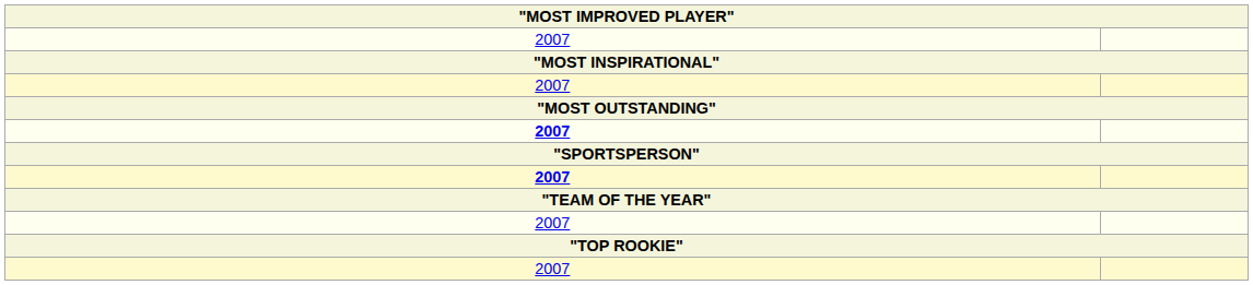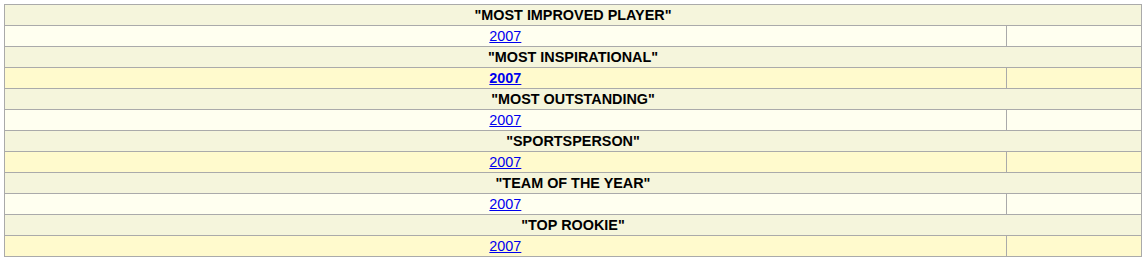 <table border=1 align=center width=90% cellpadding=2 cellspacing=2 style="background: ivory; font-size: 90%; border: 1px #aaaaaa solid; border-collapse: collapse; clear:center">
 <tr style="background:beige">
 <th colspan="2">"MOST IMPROVED PLAYER"</th>
 </tr>
 <tr>
 <td align="center"><a href='#'>2007</a></td>
 <td> <br></td>
 </tr>
 <tr style="background:beige">
 <th colspan="2">"MOST INSPIRATIONAL"</th>
 </tr>
 <tr style="background:lemonchiffon">
-<td align="center"><a href='#'>2007</a></td>
+<td align="center"><strong><a href='#'>2007</a></strong></td>
 <td></td>
 </tr>
 <tr style="background:beige">
 <th colspan="2">"MOST OUTSTANDING"</th>
 </tr>
 <tr>
-<td align="center"><strong><a href='#'>2007</a></strong></td>
+<td align="center"><a href='#'>2007</a></td>
 <td></td>
 </tr>
 <tr style="background:beige">
 <th colspan="2">"SPORTSPERSON"</th>
 </tr>
 <tr style="background:lemonchiffon">
-<td align="center"><strong><a href='#'>2007</a></strong></td>
+<td align="center"><a href='#'>2007</a></td>
 <td> <br></td>
 </tr>
 <tr style="background:beige">
 <th colspan="2">"TEAM OF THE YEAR"</th>
 </tr>
 <tr>
 <td align="center"><a href='#'>2007</a></td>
 <td> <br></td>
 </tr>
 <tr style="background:beige">
 <th colspan="2">"TOP ROOKIE"</th>
 </tr>
 <tr style="background:lemonchiffon">
 <td align="center"><a href='#'>2007</a></td>
 <td></td>
 </tr>
 </table>
